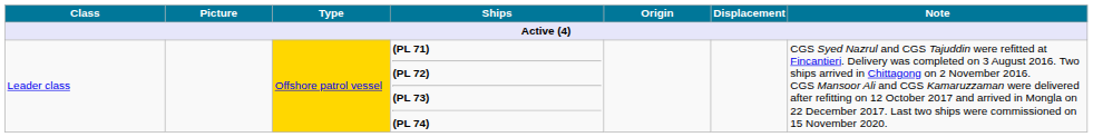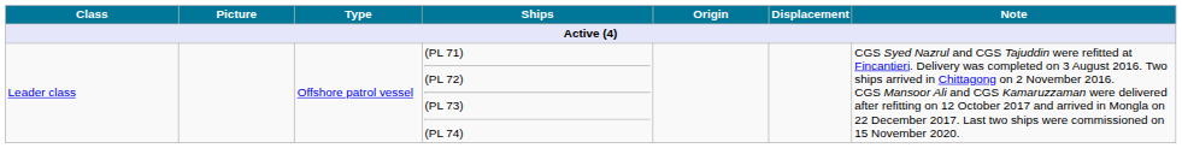 <table class="wikitable">
 <tr>
 <th style="color:#fff; background:#079; width:15%;">Class</th>
 <th style="color:#fff; background:#079; width:10%;">Picture</th>
 <th style="color:#fff; background:#079; width:11%;">Type</th>
 <th style="color:#fff; background:#079; width:20%;">Ships</th>
 <th style="color:#fff; background:#079; width:10%;">Origin</th>
 <th style="color:#fff; background:#079; width:6%;">Displacement</th>
 <th style="color:#fff; background:#079; width:28%;">Note</th>
 </tr>
 <tr>
 <th colspan="7" style="background: lavender;">Active (4)</th>
 </tr>
 <tr>
 <td><a href='#'>Leader class</a></td>
 <td></td>
-<td style="background: gold;"><a href='#'>Offshore patrol vessel</a></td>
-<td><strong> (PL 71) <hr>  (PL 72) <hr>  (PL 73) <hr>  (PL 74)</strong></td>
+<td><a href='#'>Offshore patrol vessel</a></td>
+<td> (PL 71) <hr>  (PL 72) <hr>  (PL 73) <hr>  (PL 74)</td>
 <td></td>
 <td></td>
 <td>CGS <em>Syed Nazrul</em> and CGS <em>Tajuddin</em> were refitted at <a href='#'>Fincantieri</a>. Delivery was completed on 3 August 2016. Two ships arrived in <a href='#'>Chittagong</a> on 2 November 2016.<br>CGS <em>Mansoor Ali</em> and CGS <em>Kamaruzzaman</em> were delivered after refitting on 12 October 2017 and arrived in Mongla on 22 December 2017. Last two ships were commissioned on 15 November 2020.</td>
 </tr>
 </table>
